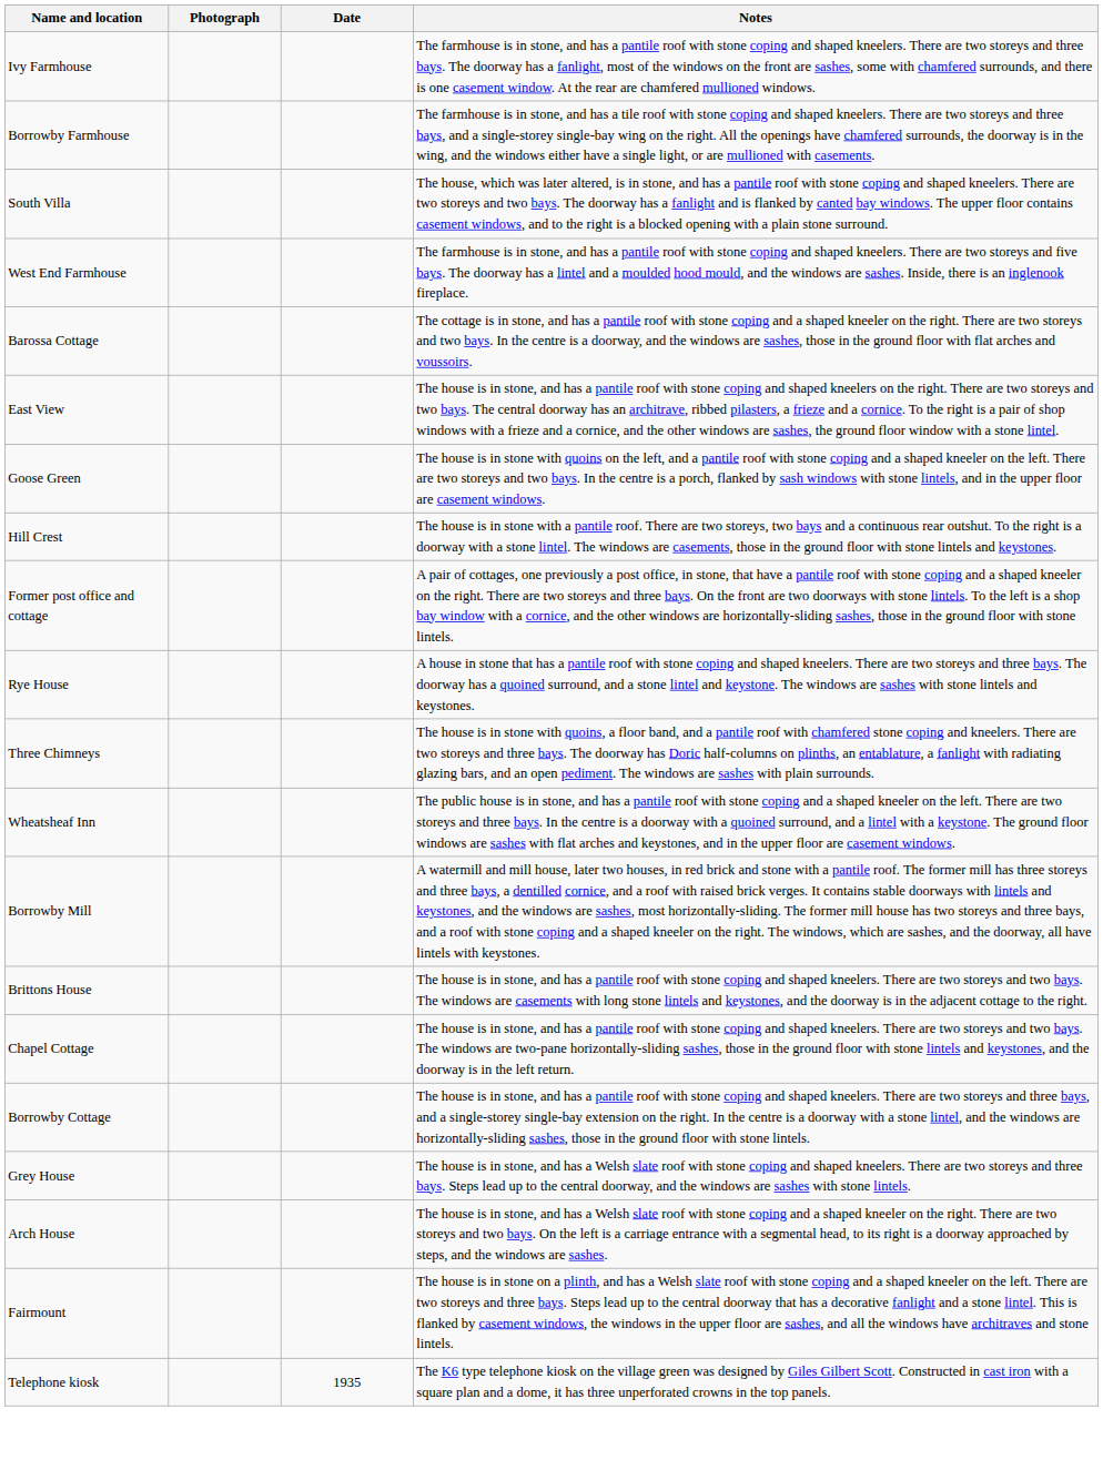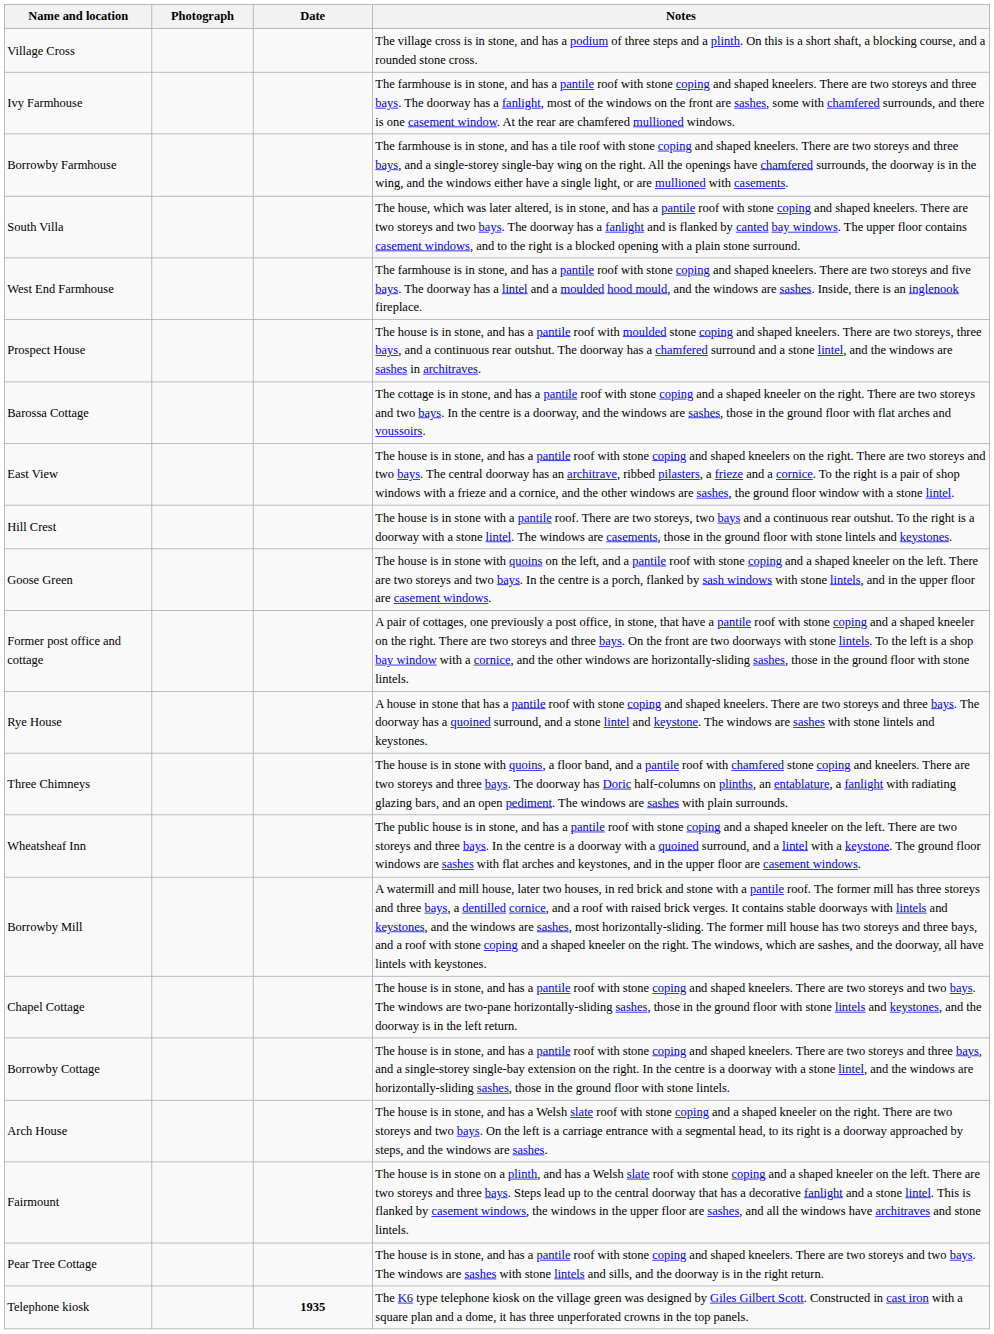 <table class="wikitable sortable plainrowheaders" style="width:100%;border:0px;text-align:left;line-height:150%;">
 <tr>
 <th scope="col"  style="width:150px">Name and location</th>
 <th scope="col"  style="width:100px" class="unsortable">Photograph</th>
 <th scope="col"  style="width:120px">Date</th>
 <th scope="col"  style="width:650px" class="unsortable">Notes</th>
+</tr>
+<tr>
+<td>Village Cross<br><small></small></td>
+<td></td>
+<td align="center"></td>
+<td>The village cross is in stone, and has a <a href='#'>podium</a> of three steps and a <a href='#'>plinth</a>.  On this is a short shaft, a blocking course, and a rounded stone cross.</td>
 </tr>
 <tr>
 <td>Ivy Farmhouse<br><small></small></td>
 <td></td>
 <td align="center"></td>
 <td>The farmhouse is in stone, and has a <a href='#'>pantile</a> roof with stone <a href='#'>coping</a> and shaped kneelers. There are two storeys and three <a href='#'>bays</a>.  The doorway has a <a href='#'>fanlight</a>, most of the windows on the front are <a href='#'>sashes</a>, some with <a href='#'>chamfered</a> surrounds, and there is one <a href='#'>casement window</a>.  At the rear are chamfered <a href='#'>mullioned</a> windows.</td>
 </tr>
 <tr>
 <td>Borrowby Farmhouse<br><small></small></td>
 <td></td>
 <td align="center"></td>
 <td>The farmhouse is in stone, and has a tile roof with stone <a href='#'>coping</a> and shaped kneelers. There are two storeys and three <a href='#'>bays</a>, and a single-storey single-bay wing on the right.  All the openings have <a href='#'>chamfered</a> surrounds, the doorway is in the wing, and the windows either have a single light, or are <a href='#'>mullioned</a> with <a href='#'>casements</a>.</td>
 </tr>
 <tr>
 <td>South Villa<br><small></small></td>
 <td></td>
 <td align="center"></td>
 <td>The house, which was later altered, is in stone, and has a <a href='#'>pantile</a> roof with stone <a href='#'>coping</a> and shaped kneelers. There are two storeys and two <a href='#'>bays</a>.  The doorway has a <a href='#'>fanlight</a> and is flanked by <a href='#'>canted</a> <a href='#'>bay windows</a>.  The upper floor contains <a href='#'>casement windows</a>, and to the right is a blocked opening with a plain stone surround.</td>
 </tr>
 <tr>
 <td>West End Farmhouse<br><small></small></td>
 <td></td>
 <td align="center"></td>
 <td>The farmhouse is in stone, and has a <a href='#'>pantile</a> roof with stone <a href='#'>coping</a> and shaped kneelers. There are two storeys and five <a href='#'>bays</a>.  The doorway has a <a href='#'>lintel</a> and a <a href='#'>moulded</a> <a href='#'>hood mould</a>, and the windows are <a href='#'>sashes</a>.  Inside, there is an <a href='#'>inglenook</a> fireplace.</td>
 </tr>
 <tr>
+<td>Prospect House<br><small></small></td>
+<td></td>
+<td align="center"></td>
+<td>The house is in stone, and has a <a href='#'>pantile</a> roof with <a href='#'>moulded</a> stone <a href='#'>coping</a> and shaped kneelers. There are two storeys, three <a href='#'>bays</a>, and a continuous rear outshut.  The doorway has a <a href='#'>chamfered</a> surround and a stone <a href='#'>lintel</a>, and the windows are <a href='#'>sashes</a> in <a href='#'>architraves</a>.</td>
+</tr>
+<tr>
 <td>Barossa Cottage<br><small></small></td>
 <td></td>
 <td align="center"></td>
 <td>The cottage is in stone, and has a <a href='#'>pantile</a> roof with stone <a href='#'>coping</a> and a shaped kneeler on the right. There are two storeys and two <a href='#'>bays</a>.  In the centre is a doorway, and the windows are <a href='#'>sashes</a>, those in the ground floor with flat arches and <a href='#'>voussoirs</a>.</td>
 </tr>
 <tr>
 <td>East View<br><small></small></td>
 <td></td>
 <td align="center"></td>
 <td>The house is in stone, and has a <a href='#'>pantile</a> roof with stone <a href='#'>coping</a> and shaped kneelers on the right.  There are two storeys and two <a href='#'>bays</a>.  The central doorway has an <a href='#'>architrave</a>, ribbed <a href='#'>pilasters</a>, a <a href='#'>frieze</a> and a <a href='#'>cornice</a>.  To the right is a pair of shop windows with a frieze and a cornice, and the other windows are <a href='#'>sashes</a>, the ground floor window with a stone <a href='#'>lintel</a>.</td>
 </tr>
 <tr>
+<td>Hill Crest<br><small></small></td>
+<td></td>
+<td align="center"></td>
+<td>The house is in stone with a <a href='#'>pantile</a> roof.  There are two storeys, two <a href='#'>bays</a> and a continuous rear outshut.  To the right is a doorway with a stone <a href='#'>lintel</a>.  The windows are <a href='#'>casements</a>, those in the ground floor with stone lintels and <a href='#'>keystones</a>.</td>
+</tr>
+<tr>
 <td>Goose Green<br><small></small></td>
 <td></td>
 <td align="center"></td>
 <td>The house is in stone with <a href='#'>quoins</a> on the left, and a <a href='#'>pantile</a> roof with stone <a href='#'>coping</a> and a shaped kneeler on the left.  There are two storeys and two <a href='#'>bays</a>.  In the centre is a porch, flanked by <a href='#'>sash windows</a> with stone <a href='#'>lintels</a>, and in the upper floor are <a href='#'>casement windows</a>.</td>
-</tr>
-<tr>
-<td>Hill Crest<br><small></small></td>
-<td></td>
-<td align="center"></td>
-<td>The house is in stone with a <a href='#'>pantile</a> roof.  There are two storeys, two <a href='#'>bays</a> and a continuous rear outshut.  To the right is a doorway with a stone <a href='#'>lintel</a>.  The windows are <a href='#'>casements</a>, those in the ground floor with stone lintels and <a href='#'>keystones</a>.</td>
 </tr>
 <tr>
 <td>Former post office and cottage<br><small></small></td>
 <td></td>
 <td align="center"></td>
 <td>A pair of cottages, one previously a post office, in stone, that have a <a href='#'>pantile</a> roof with stone <a href='#'>coping</a> and a shaped kneeler on the right.  There are two storeys and three <a href='#'>bays</a>.  On the front are two doorways with stone <a href='#'>lintels</a>.  To the left is a shop <a href='#'>bay window</a> with a <a href='#'>cornice</a>, and the other windows are horizontally-sliding <a href='#'>sashes</a>, those in the ground floor with stone lintels.</td>
 </tr>
 <tr>
 <td>Rye House<br><small></small></td>
 <td></td>
 <td align="center"></td>
 <td>A house in stone that has a <a href='#'>pantile</a> roof with stone <a href='#'>coping</a> and shaped kneelers. There are two storeys and three <a href='#'>bays</a>.  The doorway has a <a href='#'>quoined</a> surround, and a stone <a href='#'>lintel</a> and <a href='#'>keystone</a>.  The windows are <a href='#'>sashes</a> with stone lintels and keystones.</td>
 </tr>
 <tr>
 <td>Three Chimneys<br><small></small></td>
 <td></td>
 <td align="center"></td>
 <td>The house is in stone with <a href='#'>quoins</a>, a floor band, and a <a href='#'>pantile</a> roof with <a href='#'>chamfered</a> stone <a href='#'>coping</a> and kneelers.  There are two storeys and three <a href='#'>bays</a>.  The doorway has <a href='#'>Doric</a> half-columns on <a href='#'>plinths</a>, an <a href='#'>entablature</a>, a <a href='#'>fanlight</a> with radiating glazing bars, and an open <a href='#'>pediment</a>. The windows are <a href='#'>sashes</a> with plain surrounds.</td>
 </tr>
 <tr>
 <td>Wheatsheaf Inn<br><small></small></td>
 <td></td>
 <td align="center"></td>
 <td>The public house is in stone, and has a <a href='#'>pantile</a> roof with stone <a href='#'>coping</a> and a shaped kneeler on the left.  There are two storeys and three <a href='#'>bays</a>.  In the centre is a doorway with a <a href='#'>quoined</a> surround, and a <a href='#'>lintel</a> with a <a href='#'>keystone</a>.  The ground floor windows are <a href='#'>sashes</a> with flat arches and keystones, and in the upper floor are <a href='#'>casement windows</a>.</td>
 </tr>
 <tr>
 <td>Borrowby Mill<br><small></small></td>
 <td></td>
 <td align="center"></td>
 <td>A watermill and mill house, later two houses, in red brick and stone with a <a href='#'>pantile</a> roof.  The former mill has three storeys and three <a href='#'>bays</a>, a <a href='#'>dentilled</a> <a href='#'>cornice</a>, and a roof with raised brick verges.  It contains stable doorways with <a href='#'>lintels</a> and <a href='#'>keystones</a>, and the windows are <a href='#'>sashes</a>, most horizontally-sliding.  The former mill house has two storeys and three bays, and a roof with stone <a href='#'>coping</a> and a shaped kneeler on the right.  The windows, which are sashes, and the doorway, all have lintels with keystones.</td>
 </tr>
 <tr>
-<td>Brittons House<br><small></small></td>
-<td></td>
-<td align="center"></td>
-<td>The house is in stone, and has a <a href='#'>pantile</a> roof with stone <a href='#'>coping</a> and shaped kneelers. There are two storeys and two <a href='#'>bays</a>.  The windows are <a href='#'>casements</a> with long stone <a href='#'>lintels</a> and <a href='#'>keystones</a>, and the doorway is in the adjacent cottage to the right.</td>
-</tr>
-<tr>
 <td>Chapel Cottage<br><small></small></td>
 <td></td>
 <td align="center"></td>
 <td>The house is in stone, and has a <a href='#'>pantile</a> roof with stone <a href='#'>coping</a> and shaped kneelers. There are two storeys and two <a href='#'>bays</a>.  The windows are two-pane horizontally-sliding <a href='#'>sashes</a>, those in the ground floor with stone <a href='#'>lintels</a> and <a href='#'>keystones</a>, and the doorway is in the left return.</td>
 </tr>
 <tr>
 <td>Borrowby Cottage<br><small></small></td>
 <td></td>
 <td align="center"></td>
 <td>The house is in stone, and has a <a href='#'>pantile</a> roof with stone <a href='#'>coping</a> and shaped kneelers. There are two storeys and three <a href='#'>bays</a>, and a single-storey single-bay extension on the right.  In the centre is a doorway with a stone <a href='#'>lintel</a>, and the windows are horizontally-sliding <a href='#'>sashes</a>, those in the ground floor with stone lintels.</td>
-</tr>
-<tr>
-<td>Grey House<br><small></small></td>
-<td></td>
-<td align="center"></td>
-<td>The house is in stone, and has a Welsh <a href='#'>slate</a> roof with stone <a href='#'>coping</a> and shaped kneelers.  There are two storeys and three <a href='#'>bays</a>.  Steps lead up to the central doorway, and the windows are <a href='#'>sashes</a> with stone <a href='#'>lintels</a>.</td>
 </tr>
 <tr>
 <td>Arch House<br><small></small></td>
 <td></td>
 <td align="center"></td>
 <td>The house is in stone, and has a Welsh <a href='#'>slate</a> roof with stone <a href='#'>coping</a> and a shaped kneeler on the right.  There are two storeys and two <a href='#'>bays</a>.  On the left is a carriage entrance with a segmental head, to its right is a doorway approached by steps, and the windows are <a href='#'>sashes</a>.</td>
 </tr>
 <tr>
 <td>Fairmount<br><small></small></td>
 <td></td>
 <td align="center"></td>
 <td>The house is in stone on a <a href='#'>plinth</a>, and has a Welsh <a href='#'>slate</a> roof with stone <a href='#'>coping</a> and a shaped kneeler on the left.  There are two storeys and three <a href='#'>bays</a>.  Steps lead up to the central doorway that has a decorative <a href='#'>fanlight</a> and a stone <a href='#'>lintel</a>.  This is flanked by <a href='#'>casement windows</a>, the windows in the upper floor are <a href='#'>sashes</a>, and all the windows have <a href='#'>architraves</a> and stone lintels.</td>
 </tr>
 <tr>
+<td>Pear Tree Cottage<br><small></small></td>
+<td></td>
+<td align="center"></td>
+<td>The house is in stone, and has a <a href='#'>pantile</a> roof with stone <a href='#'>coping</a> and shaped kneelers. There are two storeys and two <a href='#'>bays</a>.  The windows are <a href='#'>sashes</a> with stone <a href='#'>lintels</a> and sills, and the doorway is in the right return.</td>
+</tr>
+<tr>
 <td>Telephone kiosk<br><small></small></td>
 <td></td>
-<td align="center">1935</td>
+<td align="center"><strong>1935</strong></td>
 <td>The <a href='#'>K6</a> type telephone kiosk on the village green was designed by <a href='#'>Giles Gilbert Scott</a>.  Constructed in <a href='#'>cast iron</a> with a square plan and a dome, it has three unperforated crowns in the top panels.</td>
 </tr>
 <tr>
 </tr>
 </table>
